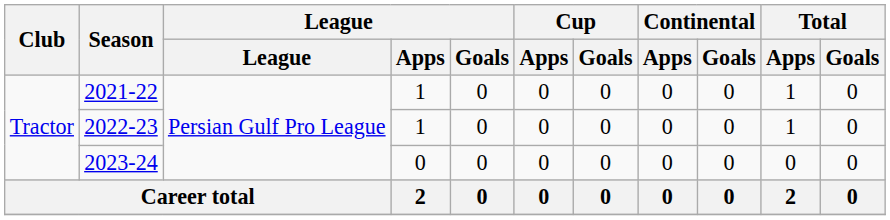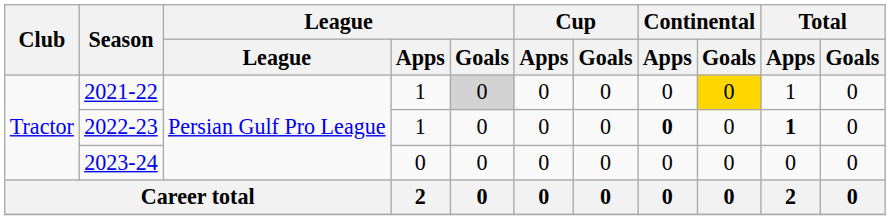 <table class="wikitable" style="text-align:center;">
 <tr>
 <th rowspan=2>Club</th>
 <th rowspan=2>Season</th>
 <th colspan=3>League</th>
 <th colspan=2>Cup</th>
 <th colspan=2>Continental</th>
 <th colspan=2>Total</th>
 </tr>
 <tr>
 <th>League</th>
 <th>Apps</th>
 <th>Goals</th>
 <th>Apps</th>
 <th>Goals</th>
 <th>Apps</th>
 <th>Goals</th>
 <th>Apps</th>
 <th>Goals</th>
 </tr>
 <tr>
 <td rowspan="3"><a href='#'>Tractor</a></td>
 <td><a href='#'>2021-22</a></td>
 <td rowspan="3"><a href='#'>Persian Gulf Pro League</a></td>
 <td>1</td>
+<td style="background: lightgrey;">0</td>
 <td>0</td>
 <td>0</td>
 <td>0</td>
-<td>0</td>
-<td>0</td>
+<td style="background: gold;">0</td>
 <td>1</td>
 <td>0</td>
 </tr>
 <tr>
 <td><a href='#'>2022-23</a></td>
 <td>1</td>
 <td>0</td>
 <td>0</td>
 <td>0</td>
+<td><strong>0</strong></td>
 <td>0</td>
-<td>0</td>
-<td>1</td>
+<td><strong>1</strong></td>
 <td>0</td>
 </tr>
 <tr>
 <td><a href='#'>2023-24</a></td>
 <td>0</td>
 <td>0</td>
 <td>0</td>
 <td>0</td>
 <td>0</td>
 <td>0</td>
 <td>0</td>
 <td>0</td>
 </tr>
 <tr>
 <th colspan=3>Career total</th>
 <th>2</th>
 <th>0</th>
 <th>0</th>
 <th>0</th>
 <th>0</th>
 <th>0</th>
 <th>2</th>
 <th>0</th>
 </tr>
 <tr>
 </tr>
 </table>
